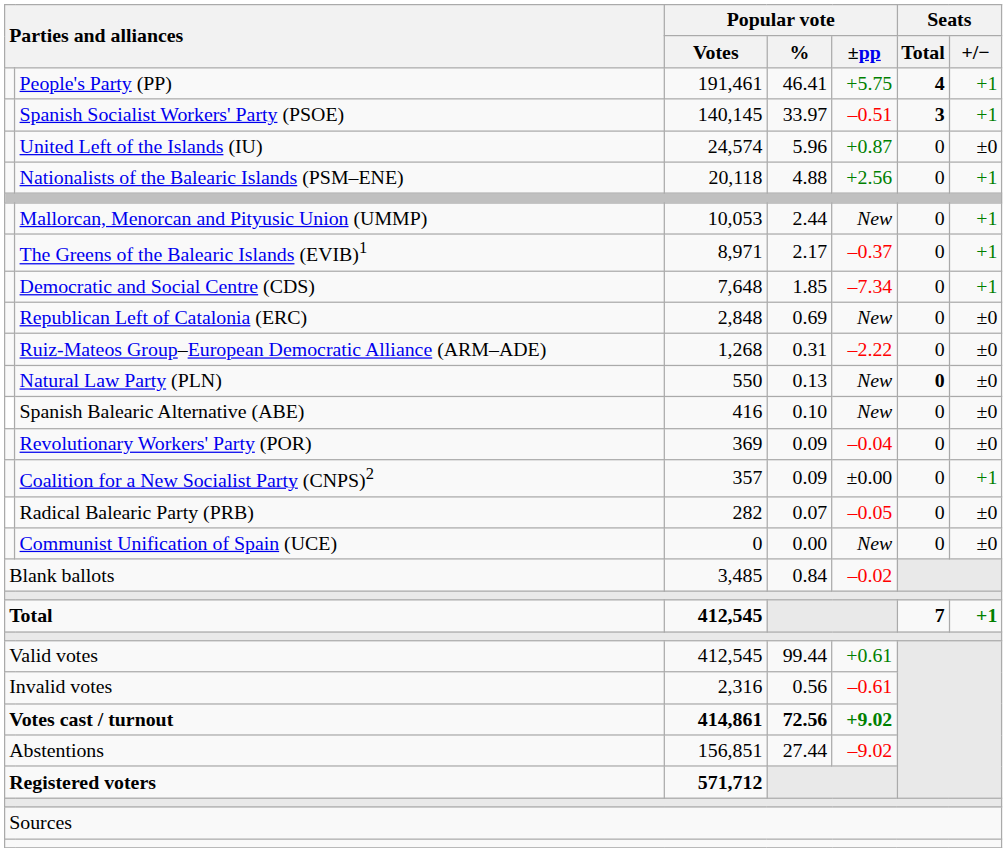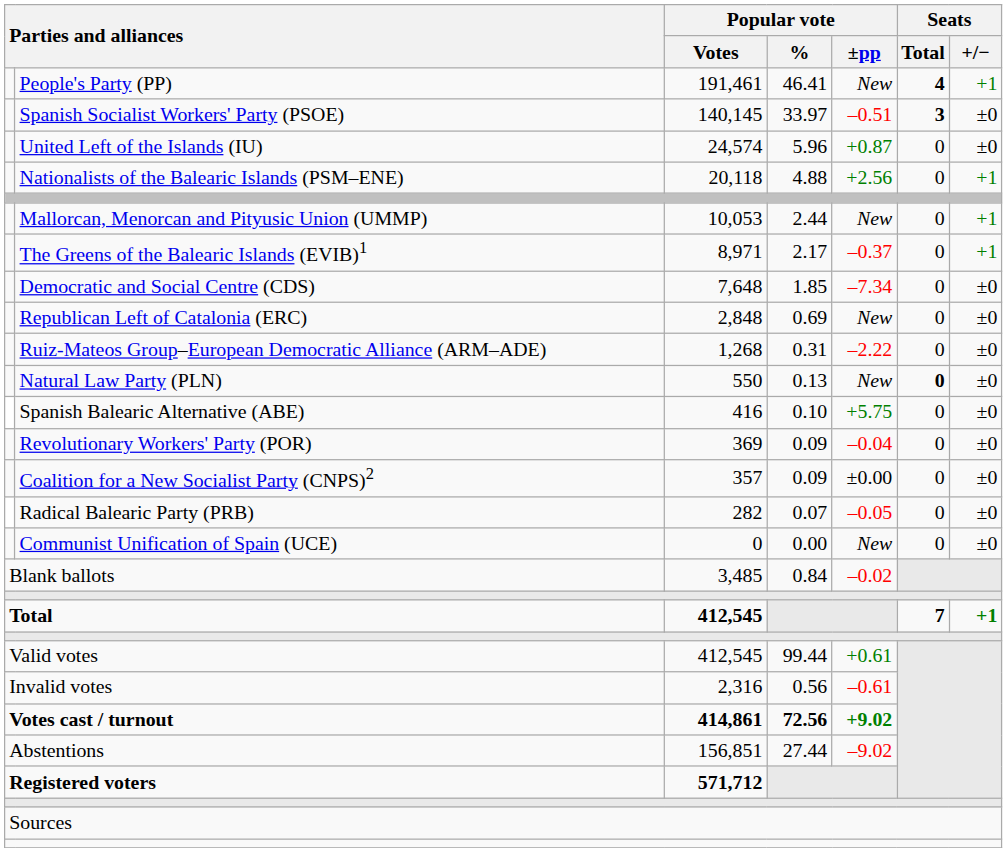 <table class="wikitable" style="text-align:right;">
 <tr>
 <th style="text-align:left;" rowspan="2" colspan="2" width="525">Parties and alliances</th>
 <th colspan="3">Popular vote</th>
 <th colspan="2">Seats</th>
 </tr>
 <tr>
 <th width="75">Votes</th>
 <th width="45">%</th>
 <th width="45">±<a href='#'>pp</a></th>
 <th width="35">Total</th>
 <th width="35">+/−</th>
 </tr>
 <tr>
 <td width="1" style="color:inherit;background:"></td>
 <td align="left"><a href='#'>People's Party</a> (PP)</td>
 <td>191,461</td>
 <td>46.41</td>
-<td style="color:green;">+5.75</td>
+<td><em>New</em></td>
 <td><strong>4</strong></td>
 <td style="color:green;">+1</td>
 </tr>
 <tr>
 <td style="color:inherit;background:"></td>
 <td align="left"><a href='#'>Spanish Socialist Workers' Party</a> (PSOE)</td>
 <td>140,145</td>
 <td>33.97</td>
 <td style="color:red;">–0.51</td>
 <td><strong>3</strong></td>
-<td style="color:green;">+1</td>
+<td>±0</td>
 </tr>
 <tr>
 <td style="color:inherit;background:"></td>
 <td align="left"><a href='#'>United Left of the Islands</a> (IU)</td>
 <td>24,574</td>
 <td>5.96</td>
 <td style="color:green;">+0.87</td>
 <td>0</td>
 <td>±0</td>
 </tr>
 <tr>
 <td style="color:inherit;background:"></td>
 <td align="left"><a href='#'>Nationalists of the Balearic Islands</a> (PSM–ENE)</td>
 <td>20,118</td>
 <td>4.88</td>
 <td style="color:green;">+2.56</td>
 <td>0</td>
 <td style="color:green;">+1</td>
 </tr>
 <tr>
 <td colspan="7" bgcolor="#C0C0C0"></td>
 </tr>
 <tr>
 <td style="color:inherit;background:"></td>
 <td align="left"><a href='#'>Mallorcan, Menorcan and Pityusic Union</a> (UMMP)</td>
 <td>10,053</td>
 <td>2.44</td>
 <td><em>New</em></td>
 <td>0</td>
 <td style="color:green;">+1</td>
 </tr>
 <tr>
 <td style="color:inherit;background:"></td>
 <td align="left"><a href='#'>The Greens of the Balearic Islands</a> (EVIB)<sup>1</sup></td>
 <td>8,971</td>
 <td>2.17</td>
 <td style="color:red;">–0.37</td>
 <td>0</td>
 <td style="color:green;">+1</td>
 </tr>
 <tr>
 <td style="color:inherit;background:"></td>
 <td align="left"><a href='#'>Democratic and Social Centre</a> (CDS)</td>
 <td>7,648</td>
 <td>1.85</td>
 <td style="color:red;">–7.34</td>
 <td>0</td>
-<td style="color:green;">+1</td>
+<td>±0</td>
 </tr>
 <tr>
 <td style="color:inherit;background:"></td>
 <td align="left"><a href='#'>Republican Left of Catalonia</a> (ERC)</td>
 <td>2,848</td>
 <td>0.69</td>
 <td><em>New</em></td>
 <td>0</td>
 <td>±0</td>
 </tr>
 <tr>
 <td style="color:inherit;background:"></td>
 <td align="left"><a href='#'>Ruiz-Mateos Group</a>–<a href='#'>European Democratic Alliance</a> (ARM–ADE)</td>
 <td>1,268</td>
 <td>0.31</td>
 <td style="color:red;">–2.22</td>
 <td>0</td>
 <td>±0</td>
 </tr>
 <tr>
 <td style="color:inherit;background:"></td>
 <td align="left"><a href='#'>Natural Law Party</a> (PLN)</td>
 <td>550</td>
 <td>0.13</td>
 <td><em>New</em></td>
 <td><strong>0</strong></td>
 <td>±0</td>
 </tr>
 <tr>
 <td bgcolor="white"></td>
 <td align="left">Spanish Balearic Alternative (ABE)</td>
 <td>416</td>
 <td>0.10</td>
-<td><em>New</em></td>
+<td style="color:green;">+5.75</td>
 <td>0</td>
 <td>±0</td>
 </tr>
 <tr>
 <td style="color:inherit;background:"></td>
 <td align="left"><a href='#'>Revolutionary Workers' Party</a> (POR)</td>
 <td>369</td>
 <td>0.09</td>
 <td style="color:red;">–0.04</td>
 <td>0</td>
 <td>±0</td>
 </tr>
 <tr>
 <td style="color:inherit;background:"></td>
 <td align="left"><a href='#'>Coalition for a New Socialist Party</a> (CNPS)<sup>2</sup></td>
 <td>357</td>
 <td>0.09</td>
 <td>±0.00</td>
 <td>0</td>
-<td style="color:green;">+1</td>
+<td>±0</td>
 </tr>
 <tr>
 <td bgcolor="white"></td>
 <td align="left">Radical Balearic Party (PRB)</td>
 <td>282</td>
 <td>0.07</td>
 <td style="color:red;">–0.05</td>
 <td>0</td>
 <td>±0</td>
 </tr>
 <tr>
 <td style="color:inherit;background:"></td>
 <td align="left"><a href='#'>Communist Unification of Spain</a> (UCE)</td>
 <td>0</td>
 <td>0.00</td>
 <td><em>New</em></td>
 <td>0</td>
 <td>±0</td>
 </tr>
 <tr>
 <td align="left" colspan="2">Blank ballots</td>
 <td>3,485</td>
 <td>0.84</td>
 <td style="color:red;">–0.02</td>
 <td bgcolor="#E9E9E9" colspan="2"></td>
 </tr>
 <tr>
 <td colspan="7" bgcolor="#E9E9E9"></td>
 </tr>
 <tr style="font-weight:bold;">
 <td align="left" colspan="2">Total</td>
 <td>412,545</td>
 <td bgcolor="#E9E9E9" colspan="2"></td>
 <td>7</td>
 <td style="color:green;">+1</td>
 </tr>
 <tr>
 <td colspan="7" bgcolor="#E9E9E9"></td>
 </tr>
 <tr>
 <td align="left" colspan="2">Valid votes</td>
 <td>412,545</td>
 <td>99.44</td>
 <td style="color:green;">+0.61</td>
 <td bgcolor="#E9E9E9" colspan="2" rowspan="5"></td>
 </tr>
 <tr>
 <td align="left" colspan="2">Invalid votes</td>
 <td>2,316</td>
 <td>0.56</td>
 <td style="color:red;">–0.61</td>
 </tr>
 <tr style="font-weight:bold;">
 <td align="left" colspan="2">Votes cast / turnout</td>
 <td>414,861</td>
 <td>72.56</td>
 <td style="color:green;">+9.02</td>
 </tr>
 <tr>
 <td align="left" colspan="2">Abstentions</td>
 <td>156,851</td>
 <td>27.44</td>
 <td style="color:red;">–9.02</td>
 </tr>
 <tr style="font-weight:bold;">
 <td align="left" colspan="2">Registered voters</td>
 <td>571,712</td>
 <td bgcolor="#E9E9E9" colspan="2"></td>
 </tr>
 <tr>
 <td colspan="7" bgcolor="#E9E9E9"></td>
 </tr>
 <tr>
 <td align="left" colspan="7">Sources</td>
 </tr>
 <tr>
 <td colspan="7" style="text-align:left; max-width:790px;"></td>
 </tr>
 </table>
